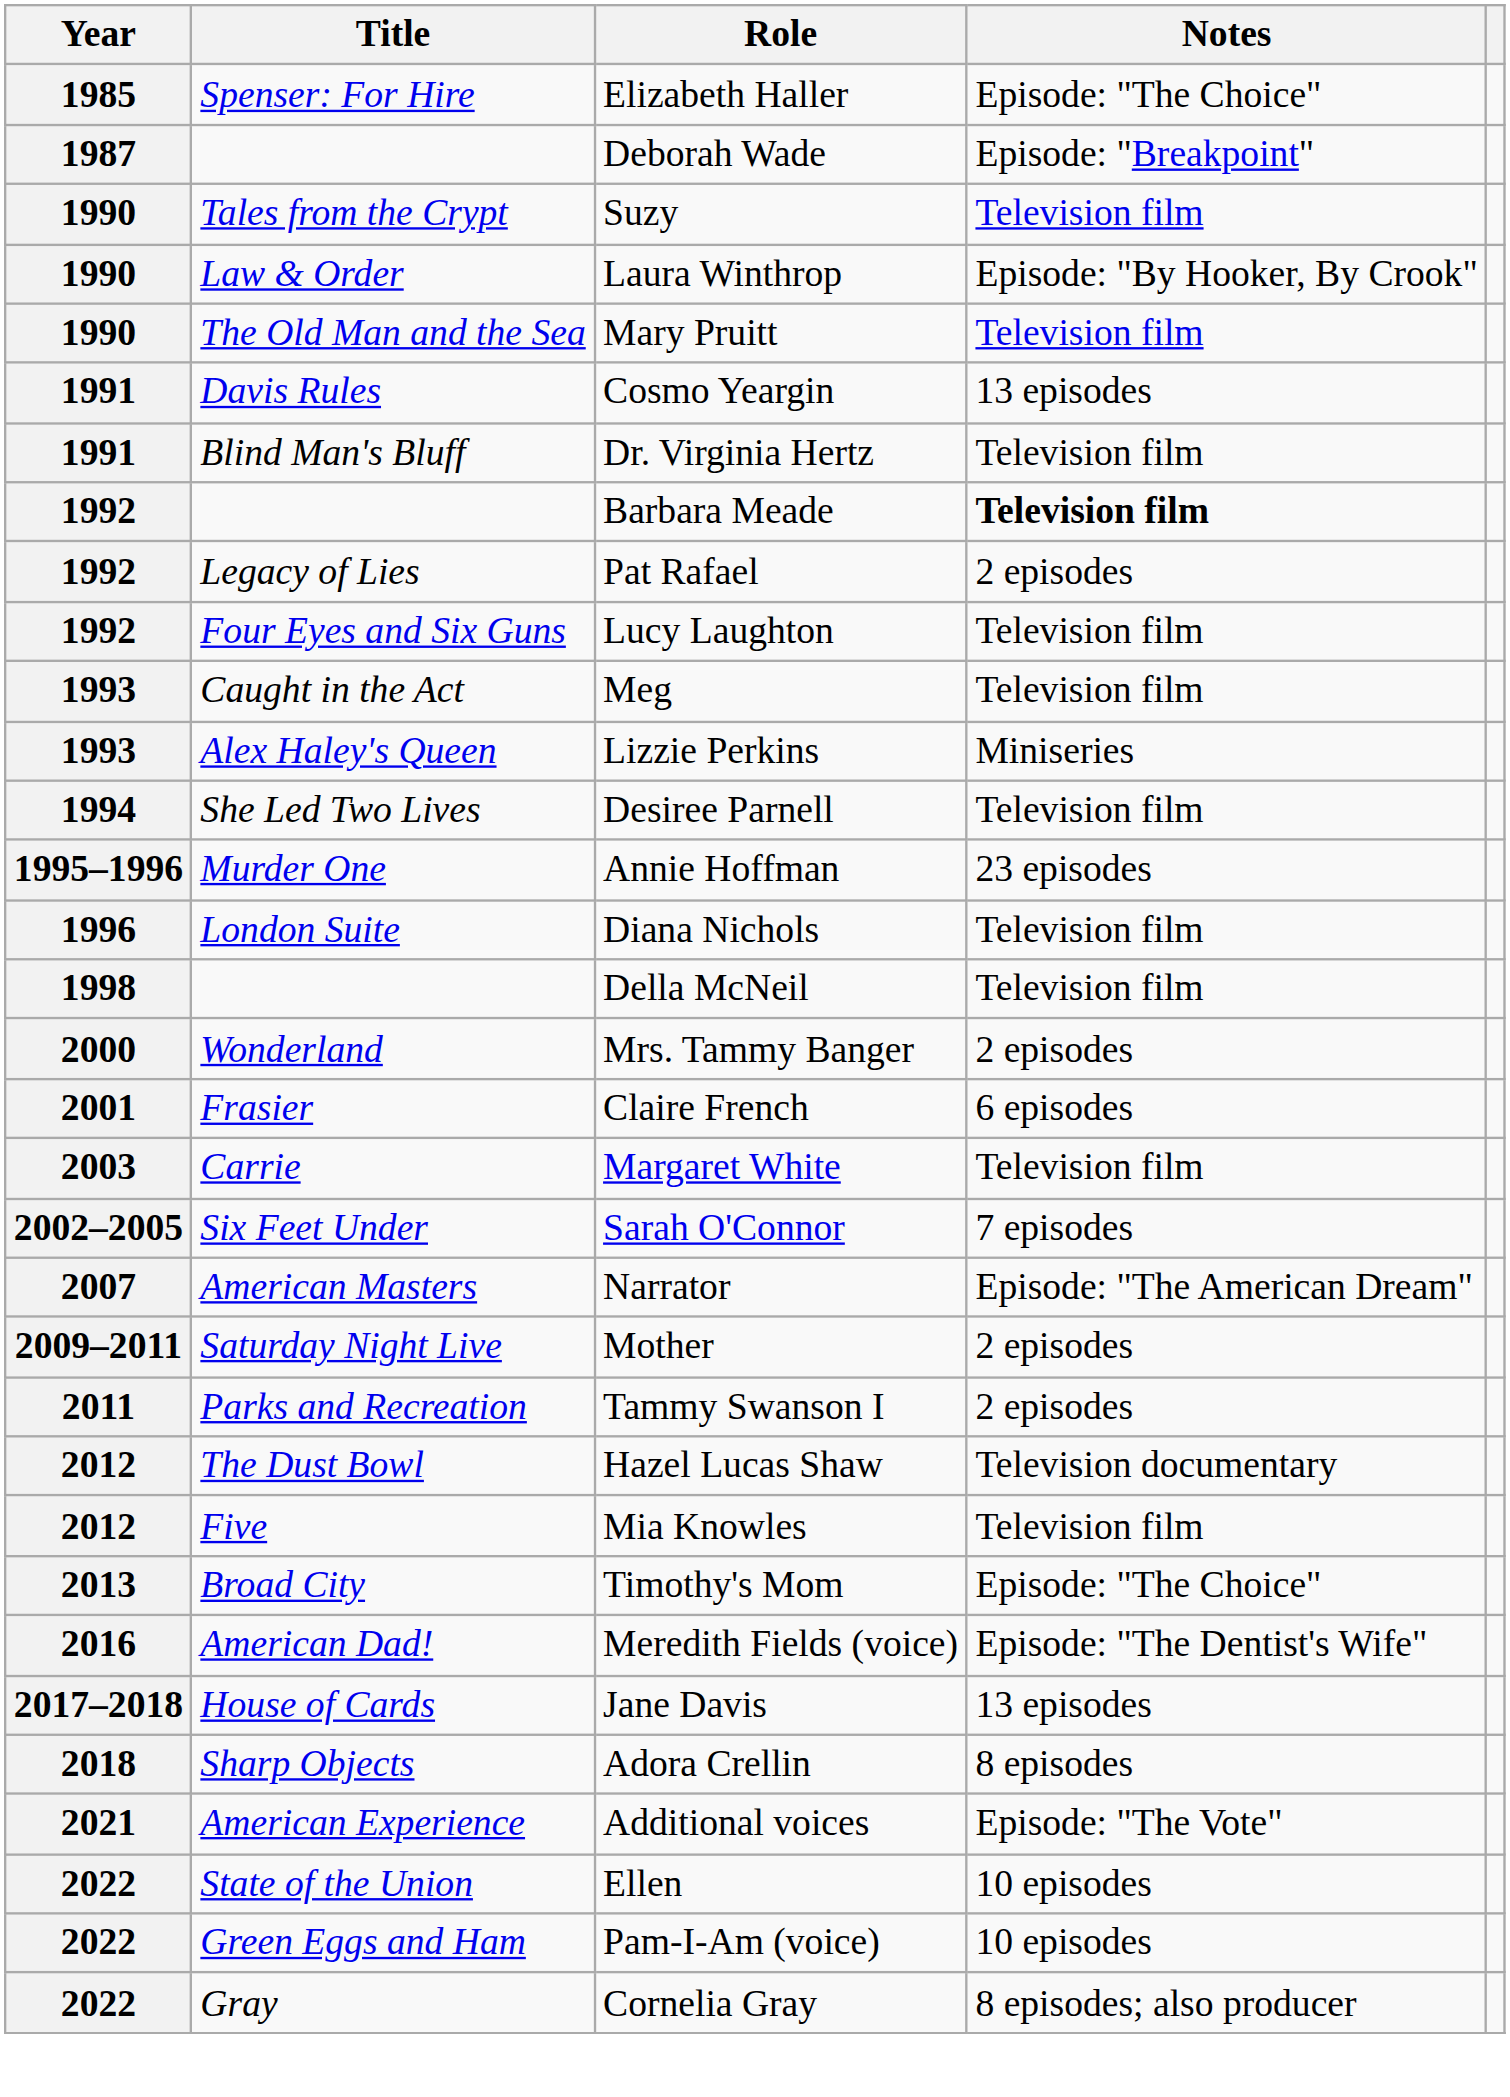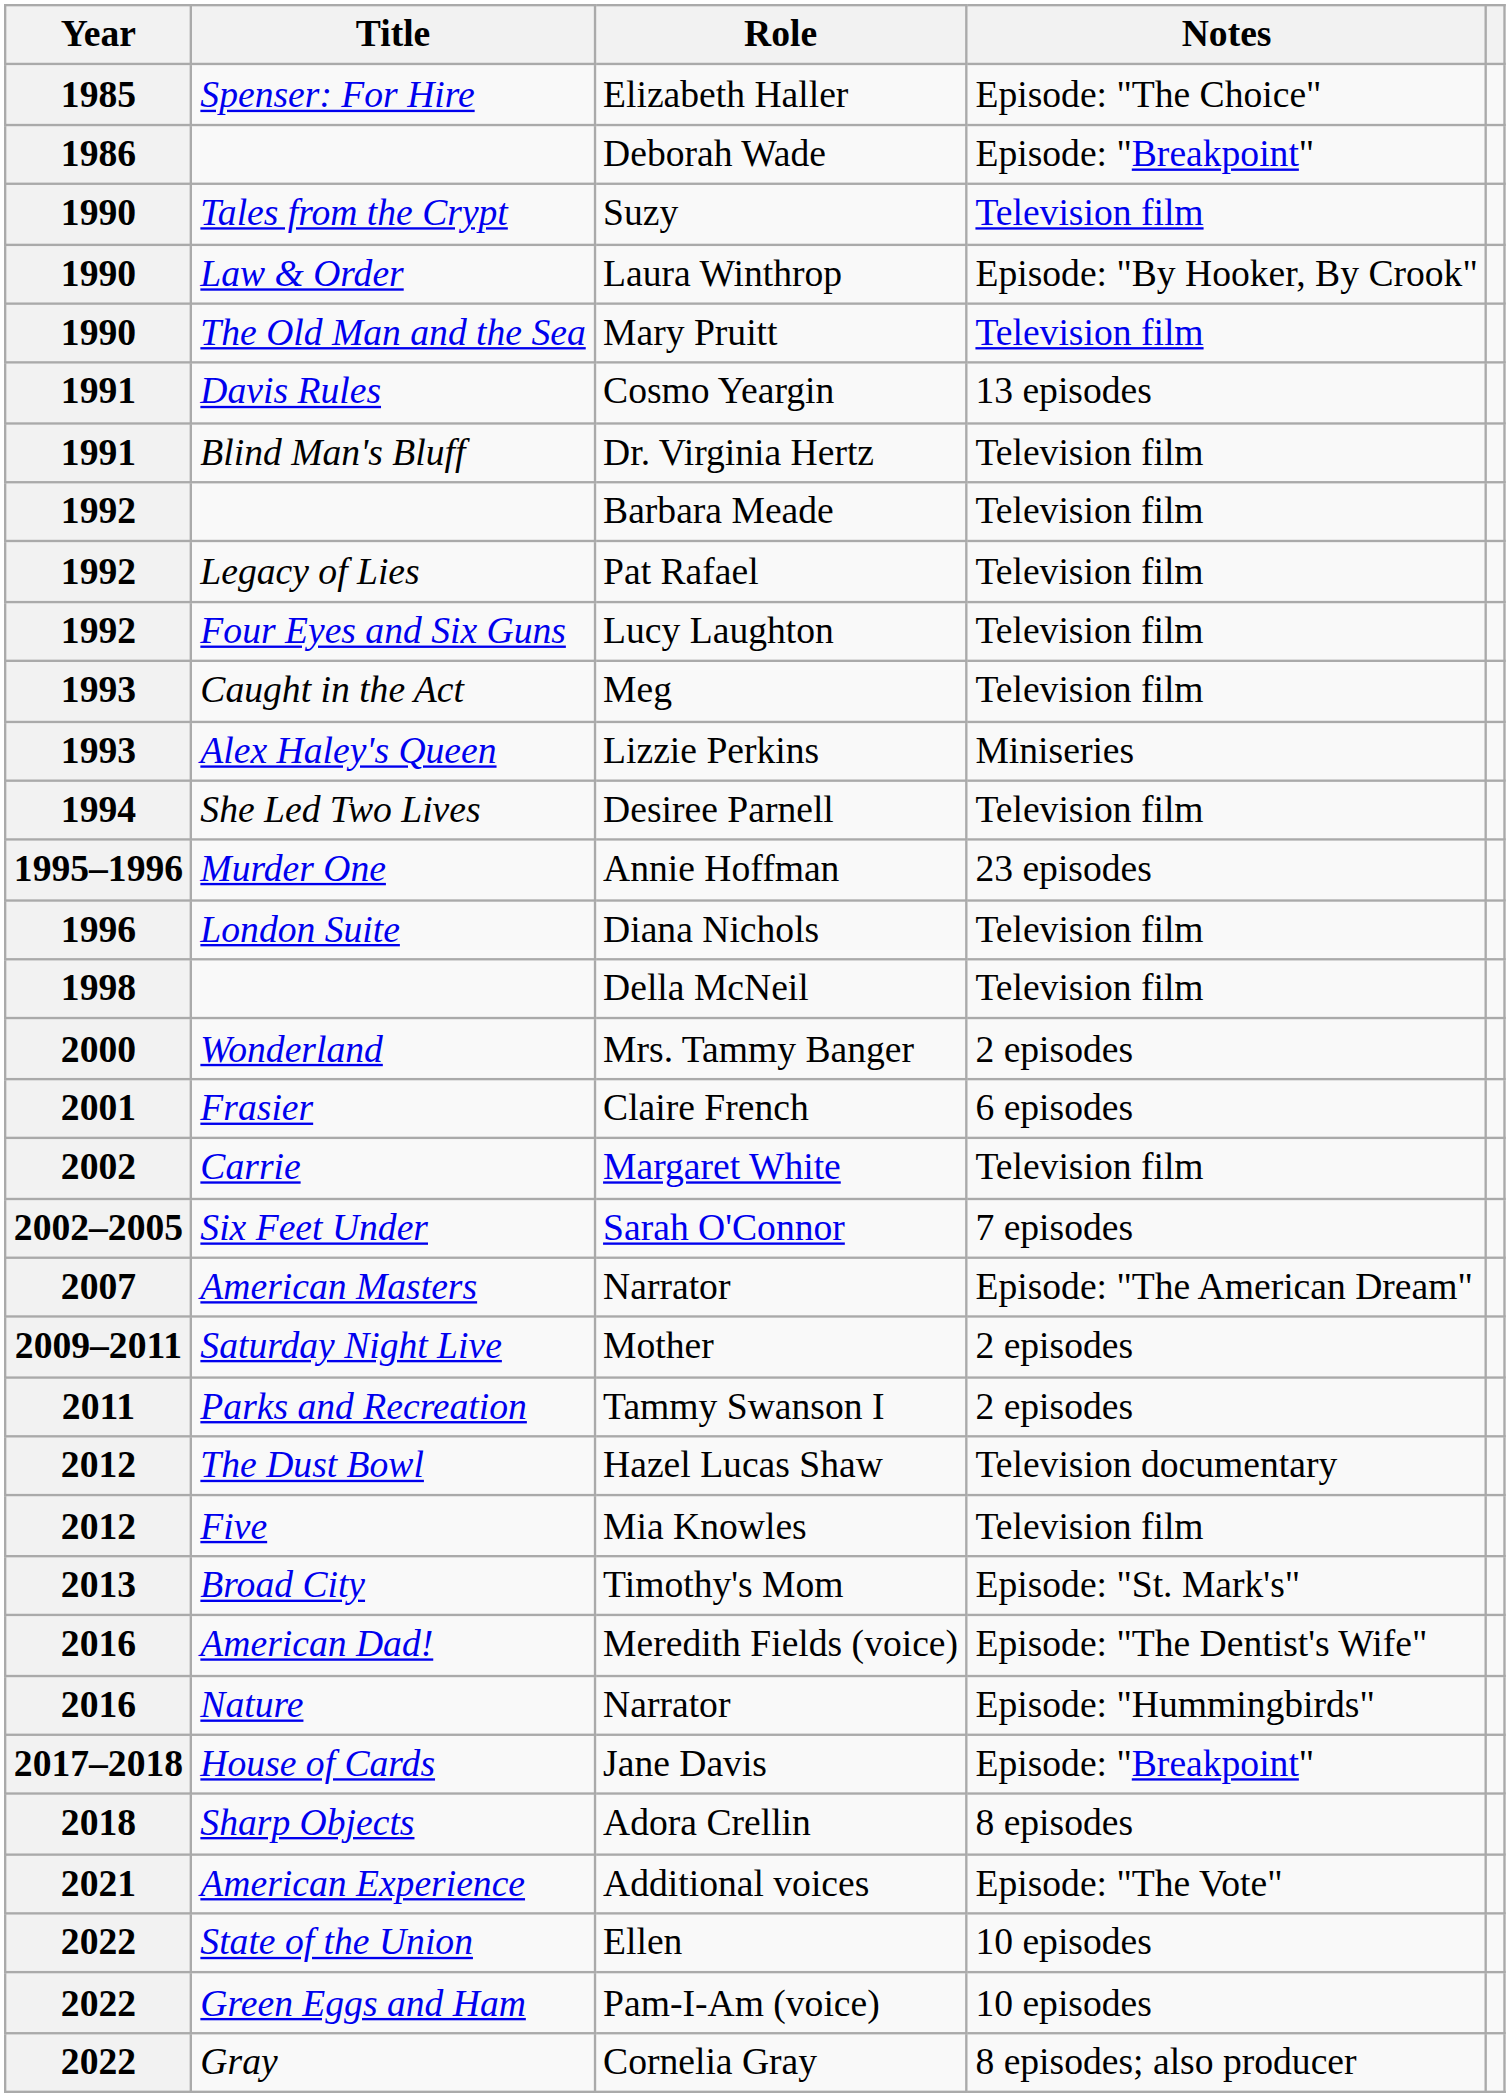 <table class="wikitable plainrowheaders sortable" style="margin-right: 0;">
 <tr>
 <th scope="col">Year</th>
 <th scope="col">Title</th>
 <th scope="col">Role</th>
 <th scope="col" class="unsortable">Notes</th>
 <th scope="col" class="unsortable"></th>
 </tr>
 <tr>
 <th scope="row">1985</th>
 <td><em><a href='#'>Spenser: For Hire</a></em></td>
 <td>Elizabeth Haller</td>
 <td>Episode: "The Choice"</td>
 <td align="center"></td>
 </tr>
 <tr>
-<th scope="row">1987</th>
+<th scope="row">1986</th>
 <td><em></em></td>
 <td>Deborah Wade</td>
 <td>Episode: "<a href='#'>Breakpoint</a>"</td>
 <td align="center"></td>
 </tr>
 <tr>
 <th scope="row">1990</th>
 <td><em><a href='#'>Tales from the Crypt</a></em></td>
 <td>Suzy</td>
 <td><a href='#'>Television film</a></td>
 <td align="center"></td>
 </tr>
 <tr>
 <th scope="row">1990</th>
 <td><em><a href='#'>Law & Order</a></em></td>
 <td>Laura Winthrop</td>
 <td>Episode: "By Hooker, By Crook"</td>
 <td align="center"></td>
 </tr>
 <tr>
 <th scope="row">1990</th>
 <td data-sort-value="Old Man and the Sea, The"><em><a href='#'>The Old Man and the Sea</a></em></td>
 <td>Mary Pruitt</td>
 <td><a href='#'>Television film</a></td>
 <td align="center"></td>
 </tr>
 <tr>
 <th scope="row">1991</th>
 <td><em><a href='#'>Davis Rules</a></em></td>
 <td>Cosmo Yeargin</td>
 <td>13 episodes</td>
 <td align="center"></td>
 </tr>
 <tr>
 <th scope="row">1991</th>
 <td><em>Blind Man's Bluff</em></td>
 <td>Dr. Virginia Hertz</td>
 <td>Television film</td>
 <td align="center"></td>
 </tr>
 <tr>
 <th scope="row">1992</th>
 <td><em></em></td>
 <td>Barbara Meade</td>
-<td><strong>Television film</strong></td>
+<td>Television film</td>
 <td align="center"></td>
 </tr>
 <tr>
 <th scope="row">1992</th>
 <td><em>Legacy of Lies</em></td>
 <td>Pat Rafael</td>
-<td>2 episodes</td>
+<td>Television film</td>
 <td align="center"></td>
 </tr>
 <tr>
 <th scope="row">1992</th>
 <td><em><a href='#'>Four Eyes and Six Guns</a></em></td>
 <td>Lucy Laughton</td>
 <td>Television film</td>
 <td align="center"></td>
 </tr>
 <tr>
 <th scope="row">1993</th>
 <td><em>Caught in the Act</em></td>
 <td>Meg</td>
 <td>Television film</td>
 <td align=center></td>
 </tr>
 <tr>
 <th scope="row">1993</th>
 <td><em><a href='#'>Alex Haley's Queen</a></em></td>
 <td>Lizzie Perkins</td>
 <td>Miniseries</td>
 <td align="center"></td>
 </tr>
 <tr>
 <th scope="row">1994</th>
 <td><em>She Led Two Lives</em></td>
 <td>Desiree Parnell</td>
 <td>Television film</td>
 <td align="center"></td>
 </tr>
 <tr>
 <th scope="row">1995–1996</th>
 <td><em><a href='#'>Murder One</a></em></td>
 <td>Annie Hoffman</td>
 <td>23 episodes</td>
 <td align="center"></td>
 </tr>
 <tr>
 <th scope="row">1996</th>
 <td><em><a href='#'>London Suite</a></em></td>
 <td>Diana Nichols</td>
 <td>Television film</td>
 <td align="center"></td>
 </tr>
 <tr>
 <th scope="row">1998</th>
 <td><em></em></td>
 <td>Della McNeil</td>
 <td>Television film</td>
 <td align="center"></td>
 </tr>
 <tr>
 <th scope="row">2000</th>
 <td><em><a href='#'>Wonderland</a></em></td>
 <td>Mrs. Tammy Banger</td>
 <td>2 episodes</td>
 <td align="center"></td>
 </tr>
 <tr>
 <th scope="row">2001</th>
 <td><em><a href='#'>Frasier</a></em></td>
 <td>Claire French</td>
 <td>6 episodes</td>
 <td align="center"></td>
 </tr>
 <tr>
-<th scope="row">2003</th>
+<th scope="row">2002</th>
 <td><em><a href='#'>Carrie</a></em></td>
 <td><a href='#'>Margaret White</a></td>
 <td>Television film</td>
 <td align="center"></td>
 </tr>
 <tr>
 <th scope="row">2002–2005</th>
 <td><em><a href='#'>Six Feet Under</a></em></td>
 <td><a href='#'>Sarah O'Connor</a></td>
 <td>7 episodes</td>
 <td align="center"></td>
 </tr>
 <tr>
 <th scope="row">2007</th>
 <td><em><a href='#'>American Masters</a></em></td>
 <td>Narrator</td>
 <td>Episode: "The American Dream"</td>
 <td align="center"></td>
 </tr>
 <tr>
 <th scope="row">2009–2011</th>
 <td><em><a href='#'>Saturday Night Live</a></em></td>
 <td>Mother</td>
 <td>2 episodes</td>
 <td align="center"></td>
 </tr>
 <tr>
 <th scope="row">2011</th>
 <td><em><a href='#'>Parks and Recreation</a></em></td>
 <td>Tammy Swanson I</td>
 <td>2 episodes</td>
 <td align="center"></td>
 </tr>
 <tr>
 <th scope="row">2012</th>
 <td data-sort-value="Dust Bowl, The"><em><a href='#'>The Dust Bowl</a></em></td>
 <td>Hazel Lucas Shaw</td>
 <td>Television documentary</td>
 <td align="center"></td>
 </tr>
 <tr>
 <th scope="row">2012</th>
 <td><em><a href='#'>Five</a></em></td>
 <td>Mia Knowles</td>
 <td>Television film</td>
 <td align="center"></td>
 </tr>
 <tr>
 <th scope="row">2013</th>
 <td><em><a href='#'>Broad City</a></em></td>
 <td>Timothy's Mom</td>
-<td>Episode: "The Choice"</td>
+<td>Episode: "St. Mark's"</td>
 <td align="center"></td>
 </tr>
 <tr>
 <th scope="row">2016</th>
 <td><em><a href='#'>American Dad!</a></em></td>
 <td>Meredith Fields (voice)</td>
 <td>Episode: "The Dentist's Wife"</td>
 <td align="center"></td>
 </tr>
 <tr>
+<th scope="row">2016</th>
+<td><em><a href='#'>Nature</a></em></td>
+<td>Narrator</td>
+<td>Episode: "Hummingbirds"</td>
+<td align="center"></td>
+</tr>
+<tr>
 <th scope="row">2017–2018</th>
 <td><em><a href='#'>House of Cards</a></em></td>
 <td>Jane Davis</td>
-<td>13 episodes</td>
+<td>Episode: "<a href='#'>Breakpoint</a>"</td>
 <td align="center"></td>
 </tr>
 <tr>
 <th scope="row">2018</th>
 <td><em><a href='#'>Sharp Objects</a></em></td>
 <td>Adora Crellin</td>
 <td>8 episodes</td>
 <td align="center"></td>
 </tr>
 <tr>
 <th scope="row">2021</th>
 <td><em><a href='#'>American Experience</a></em></td>
 <td>Additional voices</td>
 <td>Episode: "The Vote"</td>
 <td align="center"></td>
 </tr>
 <tr>
 <th scope="row">2022</th>
 <td><em><a href='#'>State of the Union</a></em></td>
 <td>Ellen</td>
 <td>10 episodes</td>
 <td align="center"></td>
 </tr>
 <tr>
 <th scope="row">2022</th>
 <td><em><a href='#'>Green Eggs and Ham</a></em></td>
 <td>Pam-I-Am (voice)</td>
 <td>10 episodes</td>
 <td align="center"></td>
 </tr>
 <tr>
 <th scope="row">2022</th>
 <td><em>Gray</em></td>
 <td>Cornelia Gray</td>
 <td>8 episodes; also producer</td>
 <td align="center"></td>
 </tr>
 <tr>
 </tr>
 </table>
